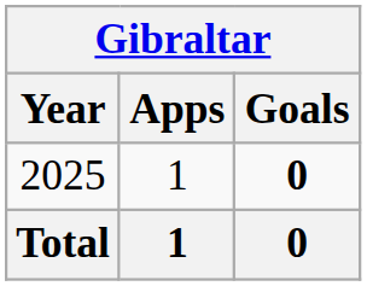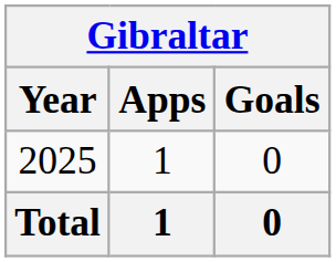 <table class="wikitable" style="text-align:center">
 <tr>
 <th colspan=3><a href='#'>Gibraltar</a></th>
 </tr>
 <tr>
 <th>Year</th>
 <th>Apps</th>
 <th>Goals</th>
 </tr>
 <tr>
 <td>2025</td>
 <td>1</td>
-<td><strong>0</strong></td>
+<td>0</td>
 </tr>
 <tr>
 <th>Total</th>
 <th>1</th>
 <th>0</th>
 </tr>
 </table>
